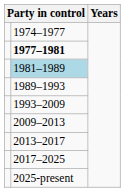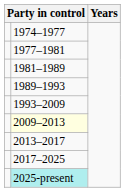 <table class="wikitable">
 <tr>
 <th colspan=2>Party in control</th>
 <th>Years</th>
 </tr>
 <tr>
 <td></td>
 <td>1974–1977</td>
 </tr>
 <tr>
 <td></td>
-<td><strong>1977–1981</strong></td>
+<td>1977–1981</td>
 </tr>
 <tr>
 <td></td>
-<td style="background: lightblue;">1981–1989</td>
+<td>1981–1989</td>
 </tr>
 <tr>
 <td></td>
 <td>1989–1993</td>
 </tr>
 <tr>
 <td></td>
 <td>1993–2009</td>
 </tr>
 <tr>
 <td></td>
-<td>2009–2013</td>
+<td style="background: lightyellow;">2009–2013</td>
 </tr>
 <tr>
 <td></td>
 <td>2013–2017</td>
 </tr>
 <tr>
 <td></td>
 <td>2017–2025</td>
 </tr>
 <tr>
 <td></td>
-<td>2025-present</td>
+<td style="background: paleturquoise;">2025-present</td>
 </tr>
 </table>
